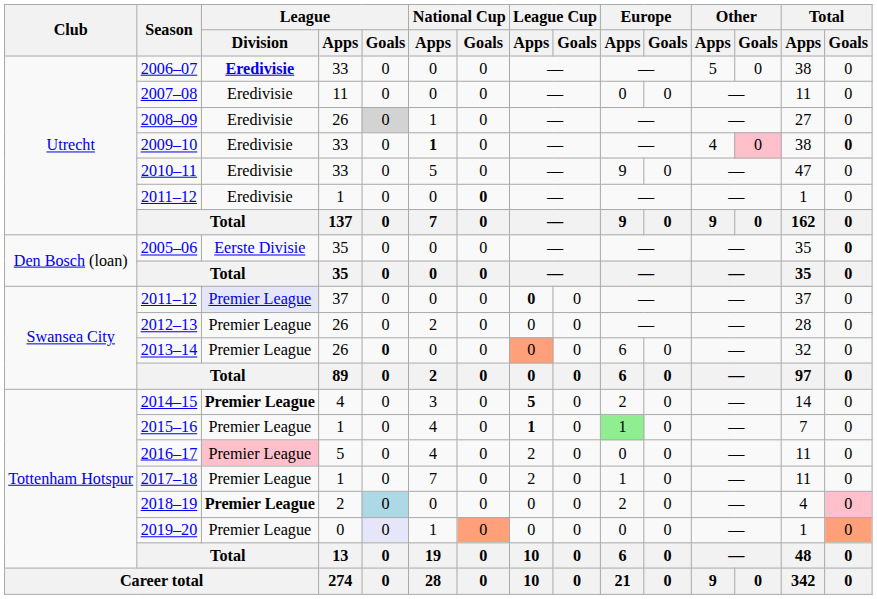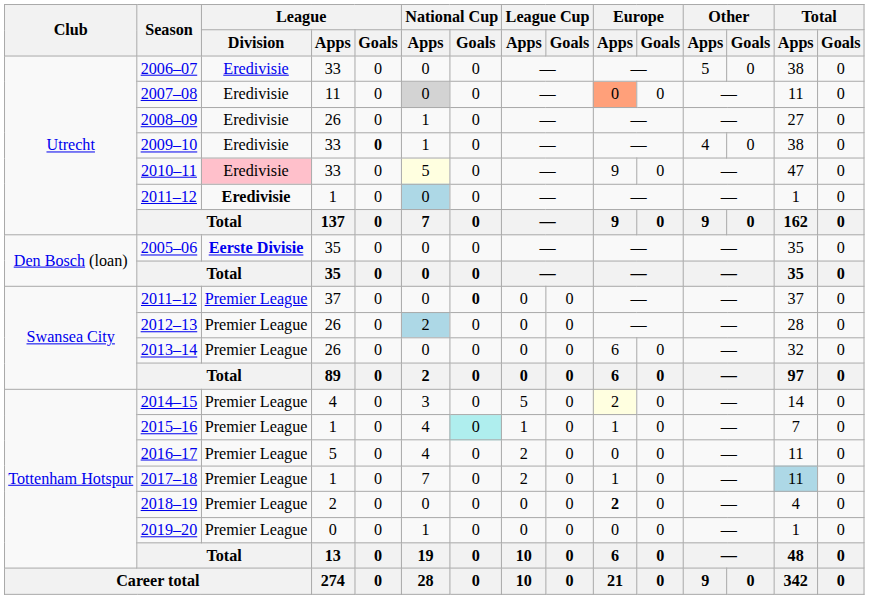 <table class="wikitable" style="text-align:center">
 <tr>
 <th rowspan=2>Club</th>
 <th rowspan=2>Season</th>
 <th colspan=3>League</th>
 <th colspan=2>National Cup</th>
 <th colspan=2>League Cup</th>
 <th colspan=2>Europe</th>
 <th colspan=2>Other</th>
 <th colspan=2>Total</th>
 </tr>
 <tr>
 <th>Division</th>
 <th>Apps</th>
 <th>Goals</th>
 <th>Apps</th>
 <th>Goals</th>
 <th>Apps</th>
 <th>Goals</th>
 <th>Apps</th>
 <th>Goals</th>
 <th>Apps</th>
 <th>Goals</th>
 <th>Apps</th>
 <th>Goals</th>
 </tr>
 <tr>
 <td rowspan=7><a href='#'>Utrecht</a></td>
 <td><a href='#'>2006–07</a></td>
-<td><strong><a href='#'>Eredivisie</a></strong></td>
+<td><a href='#'>Eredivisie</a></td>
 <td>33</td>
 <td>0</td>
 <td>0</td>
 <td>0</td>
 <td colspan=2>—</td>
 <td colspan=2>—</td>
 <td>5</td>
 <td>0</td>
 <td>38</td>
 <td>0</td>
 </tr>
 <tr>
 <td><a href='#'>2007–08</a></td>
 <td>Eredivisie</td>
 <td>11</td>
 <td>0</td>
-<td>0</td>
+<td style="background: lightgrey;">0</td>
 <td>0</td>
 <td colspan=2>—</td>
-<td>0</td>
+<td style="background: lightsalmon;">0</td>
 <td>0</td>
 <td colspan=2>—</td>
 <td>11</td>
 <td>0</td>
 </tr>
 <tr>
 <td><a href='#'>2008–09</a></td>
 <td>Eredivisie</td>
 <td>26</td>
-<td style="background: lightgrey;">0</td>
+<td>0</td>
 <td>1</td>
 <td>0</td>
 <td colspan=2>—</td>
 <td colspan=2>—</td>
 <td colspan=2>—</td>
 <td>27</td>
 <td>0</td>
 </tr>
 <tr>
 <td><a href='#'>2009–10</a></td>
 <td>Eredivisie</td>
 <td>33</td>
-<td>0</td>
-<td><strong>1</strong></td>
+<td><strong>0</strong></td>
+<td>1</td>
 <td>0</td>
 <td colspan=2>—</td>
 <td colspan=2>—</td>
 <td>4</td>
-<td style="background: pink;">0</td>
+<td>0</td>
 <td>38</td>
-<td><strong>0</strong></td>
+<td>0</td>
 </tr>
 <tr>
 <td><a href='#'>2010–11</a></td>
-<td>Eredivisie</td>
+<td style="background: pink;">Eredivisie</td>
 <td>33</td>
 <td>0</td>
-<td>5</td>
+<td style="background: lightyellow;">5</td>
 <td>0</td>
 <td colspan=2>—</td>
 <td>9</td>
 <td>0</td>
 <td colspan=2>—</td>
 <td>47</td>
 <td>0</td>
 </tr>
 <tr>
 <td><a href='#'>2011–12</a></td>
-<td>Eredivisie</td>
+<td><strong>Eredivisie</strong></td>
 <td>1</td>
 <td>0</td>
+<td style="background: lightblue;">0</td>
 <td>0</td>
-<td><strong>0</strong></td>
 <td colspan=2>—</td>
 <td colspan=2>—</td>
 <td colspan=2>—</td>
 <td>1</td>
 <td>0</td>
 </tr>
 <tr>
 <th colspan=2>Total</th>
 <th>137</th>
 <th>0</th>
 <th>7</th>
 <th>0</th>
 <th colspan=2>—</th>
 <th>9</th>
 <th>0</th>
 <th>9</th>
 <th>0</th>
 <th>162</th>
 <th>0</th>
 </tr>
 <tr>
 <td rowspan=2><a href='#'>Den Bosch</a> (loan)</td>
 <td><a href='#'>2005–06</a></td>
-<td><a href='#'>Eerste Divisie</a></td>
+<td><strong><a href='#'>Eerste Divisie</a></strong></td>
 <td>35</td>
 <td>0</td>
 <td>0</td>
 <td>0</td>
 <td colspan=2>—</td>
 <td colspan=2>—</td>
 <td colspan=2>—</td>
 <td>35</td>
-<td><strong>0</strong></td>
+<td>0</td>
 </tr>
 <tr>
 <th colspan=2>Total</th>
 <th>35</th>
 <th>0</th>
 <th>0</th>
 <th>0</th>
 <th colspan=2>—</th>
 <th colspan=2>—</th>
 <th colspan=2>—</th>
 <th>35</th>
 <th>0</th>
 </tr>
 <tr>
 <td rowspan=4><a href='#'>Swansea City</a></td>
 <td><a href='#'>2011–12</a></td>
-<td style="background: lavender;"><a href='#'>Premier League</a></td>
+<td><a href='#'>Premier League</a></td>
 <td>37</td>
 <td>0</td>
 <td>0</td>
+<td><strong>0</strong></td>
 <td>0</td>
-<td><strong>0</strong></td>
 <td>0</td>
 <td colspan=2>—</td>
 <td colspan=2>—</td>
 <td>37</td>
 <td>0</td>
 </tr>
 <tr>
 <td><a href='#'>2012–13</a></td>
 <td>Premier League</td>
 <td>26</td>
 <td>0</td>
-<td>2</td>
+<td style="background: lightblue;">2</td>
 <td>0</td>
 <td>0</td>
 <td>0</td>
 <td colspan=2>—</td>
 <td colspan=2>—</td>
 <td>28</td>
 <td>0</td>
 </tr>
 <tr>
 <td><a href='#'>2013–14</a></td>
 <td>Premier League</td>
 <td>26</td>
-<td><strong>0</strong></td>
 <td>0</td>
 <td>0</td>
-<td style="background: lightsalmon;">0</td>
+<td>0</td>
+<td>0</td>
 <td>0</td>
 <td>6</td>
 <td>0</td>
 <td colspan=2>—</td>
 <td>32</td>
 <td>0</td>
 </tr>
 <tr>
 <th colspan=2>Total</th>
 <th>89</th>
 <th>0</th>
 <th>2</th>
 <th>0</th>
 <th>0</th>
 <th>0</th>
 <th>6</th>
 <th>0</th>
 <th colspan=2>—</th>
 <th>97</th>
 <th>0</th>
 </tr>
 <tr>
 <td rowspan=7><a href='#'>Tottenham Hotspur</a></td>
 <td><a href='#'>2014–15</a></td>
-<td><strong>Premier League</strong></td>
+<td>Premier League</td>
 <td>4</td>
 <td>0</td>
 <td>3</td>
 <td>0</td>
-<td><strong>5</strong></td>
+<td>5</td>
 <td>0</td>
-<td>2</td>
+<td style="background: lightyellow;">2</td>
 <td>0</td>
 <td colspan=2>—</td>
 <td>14</td>
 <td>0</td>
 </tr>
 <tr>
 <td><a href='#'>2015–16</a></td>
 <td>Premier League</td>
 <td>1</td>
 <td>0</td>
 <td>4</td>
+<td style="background: paleturquoise;">0</td>
+<td>1</td>
 <td>0</td>
-<td><strong>1</strong></td>
-<td>0</td>
-<td style="background: lightgreen;">1</td>
+<td>1</td>
 <td>0</td>
 <td colspan=2>—</td>
 <td>7</td>
 <td>0</td>
 </tr>
 <tr>
 <td><a href='#'>2016–17</a></td>
-<td style="background: pink;">Premier League</td>
+<td>Premier League</td>
 <td>5</td>
 <td>0</td>
 <td>4</td>
 <td>0</td>
 <td>2</td>
 <td>0</td>
 <td>0</td>
 <td>0</td>
 <td colspan=2>—</td>
 <td>11</td>
 <td>0</td>
 </tr>
 <tr>
 <td><a href='#'>2017–18</a></td>
 <td>Premier League</td>
 <td>1</td>
 <td>0</td>
 <td>7</td>
 <td>0</td>
 <td>2</td>
 <td>0</td>
 <td>1</td>
 <td>0</td>
 <td colspan=2>—</td>
-<td>11</td>
+<td style="background: lightblue;">11</td>
 <td>0</td>
 </tr>
 <tr>
 <td><a href='#'>2018–19</a></td>
-<td><strong>Premier League</strong></td>
+<td>Premier League</td>
 <td>2</td>
-<td style="background: lightblue;">0</td>
 <td>0</td>
 <td>0</td>
 <td>0</td>
 <td>0</td>
-<td>2</td>
+<td>0</td>
+<td><strong>2</strong></td>
 <td>0</td>
 <td colspan=2>—</td>
 <td>4</td>
-<td style="background: pink;">0</td>
+<td>0</td>
 </tr>
 <tr>
 <td><a href='#'>2019–20</a></td>
 <td>Premier League</td>
 <td>0</td>
-<td style="background: lavender;">0</td>
+<td>0</td>
 <td>1</td>
-<td style="background: lightsalmon;">0</td>
+<td>0</td>
 <td>0</td>
 <td>0</td>
 <td>0</td>
 <td>0</td>
 <td colspan=2>—</td>
 <td>1</td>
-<td style="background: lightsalmon;">0</td>
+<td>0</td>
 </tr>
 <tr>
 <th colspan=2>Total</th>
 <th>13</th>
 <th>0</th>
 <th>19</th>
 <th>0</th>
 <th>10</th>
 <th>0</th>
 <th>6</th>
 <th>0</th>
 <th colspan=2>—</th>
 <th>48</th>
 <th>0</th>
 </tr>
 <tr>
 <th colspan=3>Career total</th>
 <th>274</th>
 <th>0</th>
 <th>28</th>
 <th>0</th>
 <th>10</th>
 <th>0</th>
 <th>21</th>
 <th>0</th>
 <th>9</th>
 <th>0</th>
 <th>342</th>
 <th>0</th>
 </tr>
 </table>
